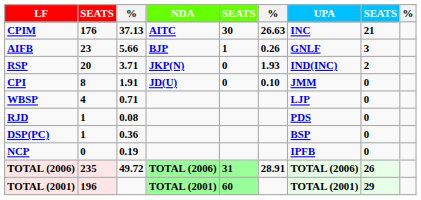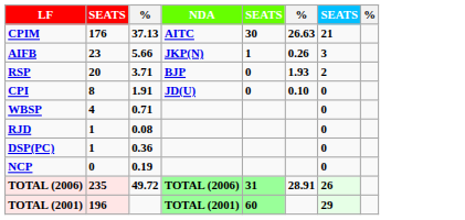 <table class="wikitable" style="font-weight: bold; font-size: x-small; font-family: verdana">
 <tr>
 <th style="background:#f00; color:white;">LF</th>
 <th style="background:#f00; color:white;">SEATS</th>
 <th>%</th>
 <th style="background:#66FF00; color:white;">NDA</th>
 <th style="background:#66FF00; color:white;">SEATS</th>
 <th>%</th>
-<th style="background:#00BFFF; color:white;">UPA</th>
 <th style="background:#00BFFF; color:white;">SEATS</th>
 <th>%</th>
 </tr>
 <tr>
 <td><a href='#'>CPIM</a></td>
 <td>176</td>
 <td>37.13</td>
 <td><a href='#'>AITC</a></td>
 <td>30</td>
 <td>26.63</td>
-<td><a href='#'>INC</a></td>
 <td>21</td>
 <td></td>
 </tr>
 <tr>
 <td><a href='#'>AIFB</a></td>
 <td>23</td>
 <td>5.66</td>
-<td><a href='#'>BJP</a></td>
+<td><a href='#'>JKP(N)</a></td>
 <td>1</td>
 <td>0.26</td>
-<td><a href='#'>GNLF</a></td>
 <td>3</td>
 <td></td>
 </tr>
 <tr>
 <td><a href='#'>RSP</a></td>
 <td>20</td>
 <td>3.71</td>
-<td><a href='#'>JKP(N)</a></td>
+<td><a href='#'>BJP</a></td>
 <td>0</td>
 <td>1.93</td>
-<td><a href='#'>IND(INC)</a></td>
 <td>2</td>
 <td></td>
 </tr>
 <tr>
 <td><a href='#'>CPI</a></td>
 <td>8</td>
 <td>1.91</td>
 <td><a href='#'>JD(U)</a></td>
 <td>0</td>
 <td>0.10</td>
-<td><a href='#'>JMM</a></td>
 <td>0</td>
 <td></td>
 </tr>
 <tr>
 <td><a href='#'>WBSP</a></td>
 <td>4</td>
 <td>0.71</td>
 <td></td>
 <td></td>
 <td></td>
-<td><a href='#'>LJP</a></td>
 <td>0</td>
 <td></td>
 </tr>
 <tr>
 <td><a href='#'>RJD</a></td>
 <td>1</td>
 <td>0.08</td>
 <td></td>
 <td></td>
 <td></td>
-<td><a href='#'>PDS</a></td>
 <td>0</td>
 <td></td>
 </tr>
 <tr>
 <td><a href='#'>DSP(PC)</a></td>
 <td>1</td>
 <td>0.36</td>
 <td></td>
 <td></td>
 <td></td>
-<td><a href='#'>BSP</a></td>
 <td>0</td>
 <td></td>
 </tr>
 <tr>
 <td><a href='#'>NCP</a></td>
 <td>0</td>
 <td>0.19</td>
 <td></td>
 <td></td>
 <td></td>
-<td><a href='#'>IPFB</a></td>
 <td>0</td>
 <td></td>
 </tr>
 <tr>
 <td style="background:#ffe6e6;">TOTAL (2006)</td>
 <td style="background:#ffe6e6;">235</td>
 <td>49.72</td>
 <td style="background:#9f9;">TOTAL (2006)</td>
 <td style="background:#9f9;">31</td>
 <td>28.91</td>
-<td style="background:#e6ffe6;">TOTAL (2006)</td>
 <td style="background:#e6ffe6;">26</td>
 <td></td>
 </tr>
 <tr>
 <td style="background:#ffe6e6;">TOTAL (2001)</td>
 <td style="background:#ffe6e6;">196</td>
 <td></td>
 <td style="background:#9f9;">TOTAL (2001)</td>
 <td style="background:#9f9;">60</td>
 <td></td>
-<td style="background:#e6ffe6;">TOTAL (2001)</td>
 <td style="background:#e6ffe6;">29</td>
 <td></td>
 </tr>
 </table>
